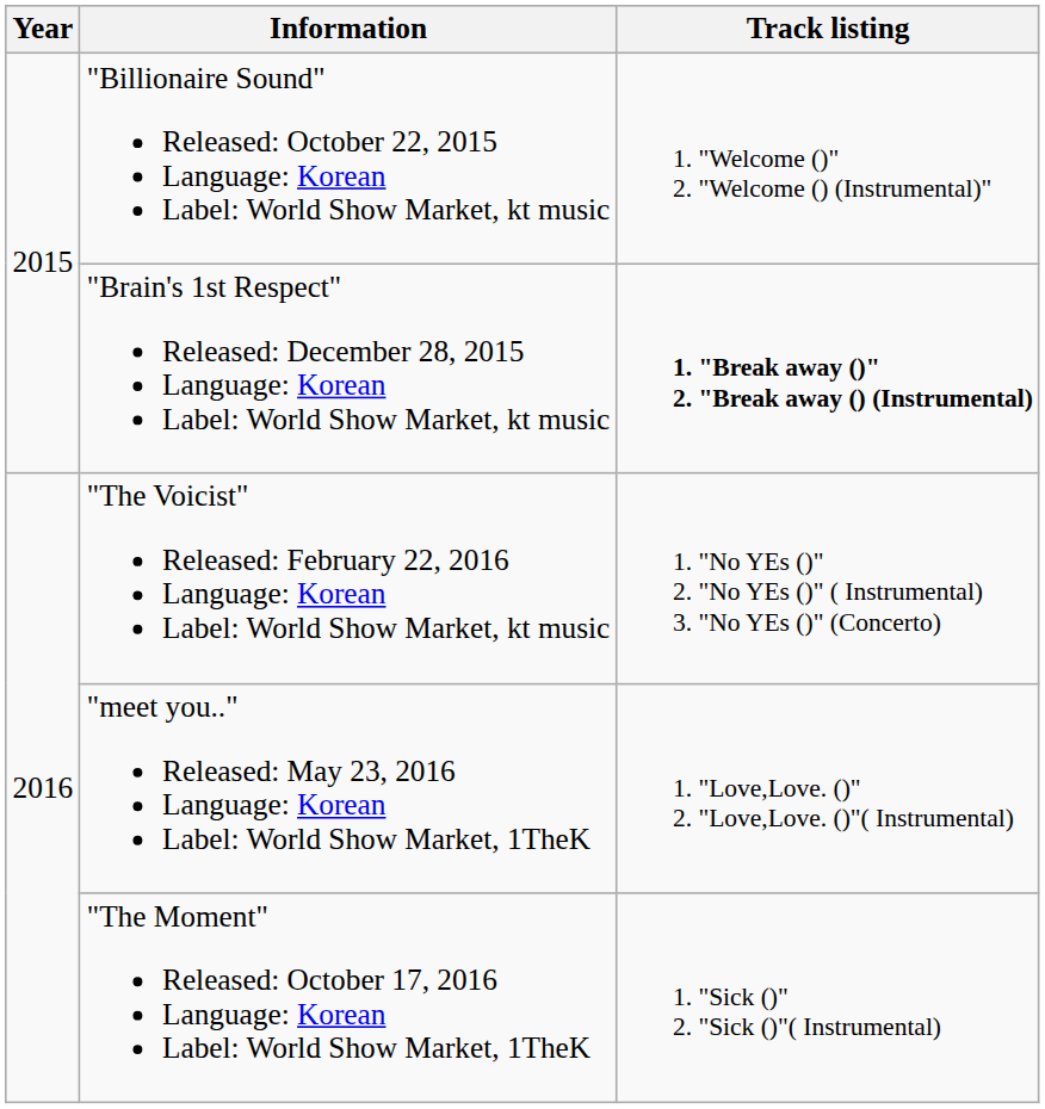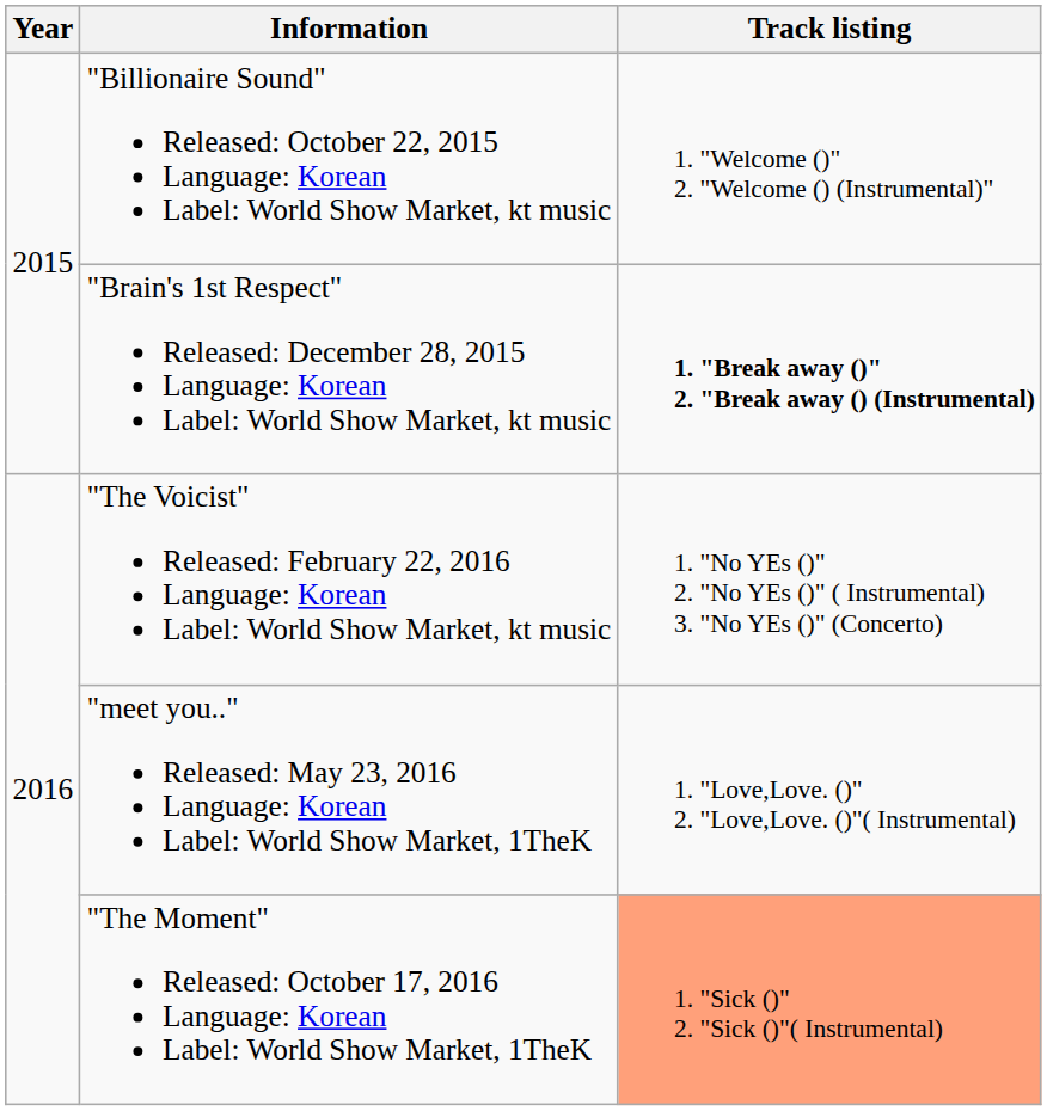 <table class="wikitable">
 <tr>
 <th>Year</th>
 <th>Information</th>
 <th>Track listing</th>
 </tr>
 <tr>
 <td rowspan=2>2015</td>
 <td>"Billionaire Sound"<br><ul><li>Released:  October 22, 2015</li><li>Language: <a href='#'>Korean</a></li><li>Label: World Show Market, kt music</li></ul></td>
 <td style="font-size: 85%;"><br><ol><li>"Welcome ()"</li><li>"Welcome () (Instrumental)"</li></ol></td>
 </tr>
 <tr>
 <td>"Brain's 1st Respect"<br><ul><li>Released:  December 28, 2015</li><li>Language: <a href='#'>Korean</a></li><li>Label: World Show Market, kt music</li></ul></td>
 <td style="font-size: 85%;"><strong><br><ol><li>"Break away ()"</li><li>"Break away () (Instrumental)</li></ol></strong></td>
 </tr>
 <tr>
 <td rowspan=3>2016</td>
 <td>"The Voicist"<br><ul><li>Released:  February 22, 2016</li><li>Language: <a href='#'>Korean</a></li><li>Label: World Show Market, kt music</li></ul></td>
 <td style="font-size: 85%;"><br><ol><li>"No YEs ()"</li><li>"No YEs ()" ( Instrumental)</li><li>"No YEs ()" (Concerto)</li></ol></td>
 </tr>
 <tr>
 <td>"meet you.."<br><ul><li>Released:  May 23, 2016</li><li>Language: <a href='#'>Korean</a></li><li>Label: World Show Market, 1TheK</li></ul></td>
 <td style="font-size: 85%;"><br><ol><li>"Love,Love. ()"</li><li>"Love,Love. ()"( Instrumental)</li></ol></td>
 </tr>
 <tr>
 <td>"The Moment"<br><ul><li>Released:  October 17, 2016</li><li>Language: <a href='#'>Korean</a></li><li>Label: World Show Market, 1TheK</li></ul></td>
-<td style="font-size: 85%;"><br><ol><li>"Sick ()"</li><li>"Sick ()"( Instrumental)</li></ol></td>
+<td style="background: lightsalmon; font-size: 85%;"><br><ol><li>"Sick ()"</li><li>"Sick ()"( Instrumental)</li></ol></td>
 </tr>
 </table>
